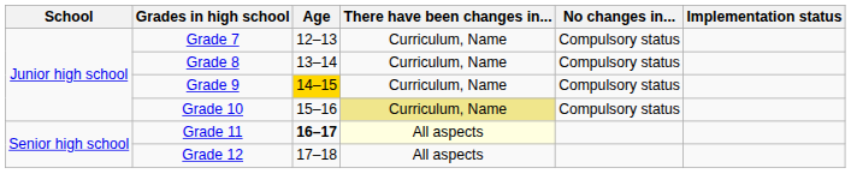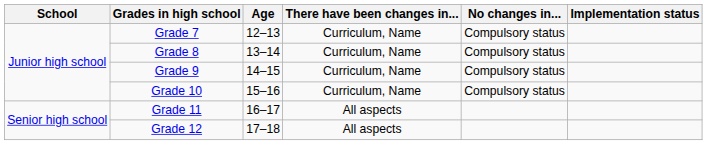 <table class="wikitable" style="text-align:center">
 <tr>
 <th>School</th>
 <th>Grades in high school</th>
 <th>Age</th>
 <th>There have been changes in...</th>
 <th>No changes in...</th>
 <th>Implementation status</th>
 </tr>
 <tr>
 <td rowspan="4"><a href='#'>Junior high school</a></td>
 <td><a href='#'>Grade 7</a></td>
 <td>12–13</td>
 <td>Curriculum, Name</td>
 <td>Compulsory status</td>
 <td></td>
 </tr>
 <tr>
 <td><a href='#'>Grade 8</a></td>
 <td>13–14</td>
 <td>Curriculum, Name</td>
 <td>Compulsory status</td>
 <td></td>
 </tr>
 <tr>
 <td><a href='#'>Grade 9</a></td>
-<td style="background: gold;">14–15</td>
+<td>14–15</td>
 <td>Curriculum, Name</td>
 <td>Compulsory status</td>
 <td></td>
 </tr>
 <tr>
 <td><a href='#'>Grade 10</a></td>
 <td>15–16</td>
-<td style="background: khaki;">Curriculum, Name</td>
+<td>Curriculum, Name</td>
 <td>Compulsory status</td>
 <td></td>
 </tr>
 <tr>
 <td rowspan="2"><a href='#'>Senior high school</a></td>
 <td><a href='#'>Grade 11</a></td>
-<td><strong>16–17</strong></td>
-<td style="background: lightyellow;">All aspects</td>
+<td>16–17</td>
+<td>All aspects</td>
 <td></td>
 <td></td>
 </tr>
 <tr>
 <td><a href='#'>Grade 12</a></td>
 <td>17–18</td>
 <td>All aspects</td>
 <td></td>
 <td></td>
 </tr>
 </table>
